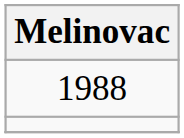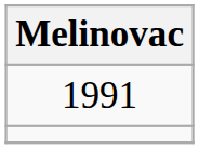 <table class="wikitable" style="margin: 0.5em auto; text-align: center;">
 <tr>
 <th colspan="1">Melinovac</th>
 </tr>
 <tr>
-<td>1988</td>
+<td>1991</td>
 </tr>
 <tr>
 <td></td>
 </tr>
 <tr>
 </tr>
 </table>
